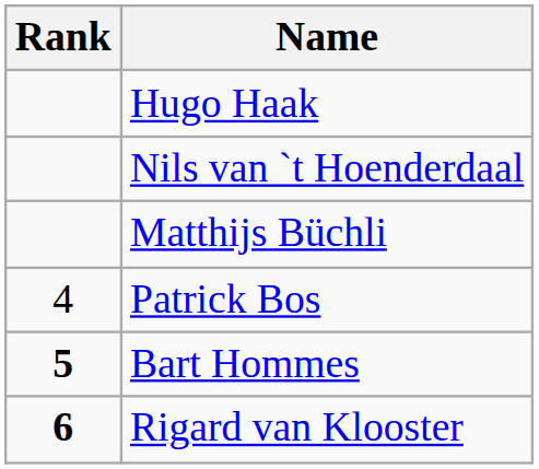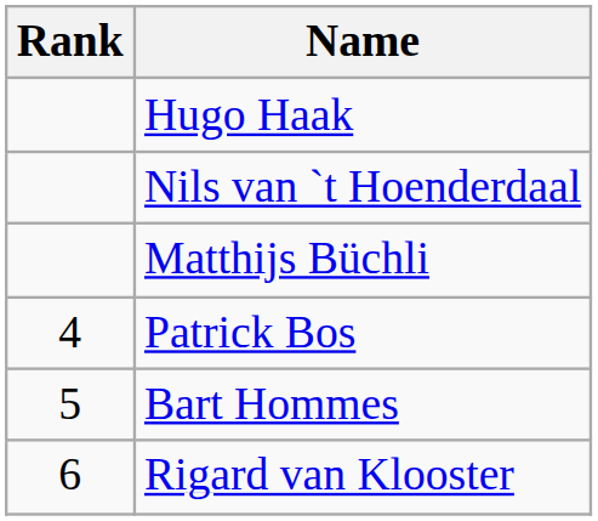 <table class="wikitable sortable" style="text-align:center">
 <tr>
 <th>Rank</th>
 <th>Name</th>
 </tr>
 <tr>
 <td></td>
 <td align=left><a href='#'>Hugo Haak</a></td>
 </tr>
 <tr>
 <td></td>
 <td align=left><a href='#'>Nils van `t Hoenderdaal</a></td>
 </tr>
 <tr>
 <td></td>
 <td align=left><a href='#'>Matthijs Büchli</a></td>
 </tr>
 <tr>
 <td>4</td>
 <td align=left><a href='#'>Patrick Bos</a></td>
 </tr>
 <tr>
-<td><strong>5</strong></td>
+<td>5</td>
 <td align=left><a href='#'>Bart Hommes</a></td>
 </tr>
 <tr>
-<td><strong>6</strong></td>
+<td>6</td>
 <td align=left><a href='#'>Rigard van Klooster</a></td>
 </tr>
 </table>
